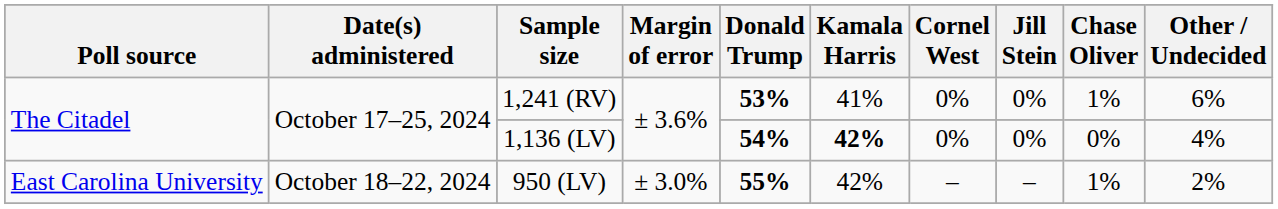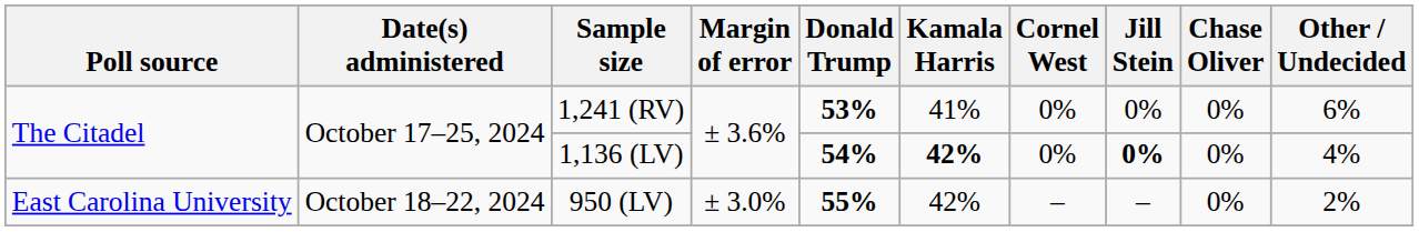 <table class="wikitable sortable mw-datatable" style="font-size:90%;text-align:center;line-height:17px">
 <tr valign=bottom>
 <th>Poll source</th>
 <th>Date(s)<br>administered</th>
 <th>Sample<br>size</th>
 <th>Margin<br>of error</th>
 <th class="unsortable">Donald<br>Trump<br></th>
 <th class="unsortable">Kamala<br>Harris<br></th>
 <th class="unsortable">Cornel<br>West<br></th>
 <th class="unsortable">Jill<br>Stein<br></th>
 <th class="unsortable">Chase<br>Oliver<br></th>
 <th class="unsortable">Other /<br>Undecided</th>
 </tr>
 <tr>
 <td style="text-align:left;" rowspan="2"><a href='#'>The Citadel</a></td>
 <td rowspan="2">October 17–25, 2024</td>
 <td>1,241 (RV)</td>
 <td rowspan="2">± 3.6%</td>
 <td style="background-color:"><strong>53%</strong></td>
 <td>41%</td>
 <td>0%</td>
 <td>0%</td>
-<td>1%</td>
+<td>0%</td>
 <td>6%</td>
 </tr>
 <tr>
 <td>1,136 (LV)</td>
 <td style="background-color:"><strong>54%</strong></td>
 <td><strong>42%</strong></td>
 <td>0%</td>
-<td>0%</td>
+<td><strong>0%</strong></td>
 <td>0%</td>
 <td>4%</td>
 </tr>
 <tr>
 <td style="text-align:left;"><a href='#'>East Carolina University</a></td>
 <td data-sort-value="2024-10-22">October 18–22, 2024</td>
 <td>950 (LV)</td>
 <td>± 3.0%</td>
 <td style="background-color:"><strong>55%</strong></td>
 <td>42%</td>
 <td>–</td>
 <td>–</td>
-<td>1%</td>
+<td>0%</td>
 <td>2%</td>
 </tr>
 </table>
